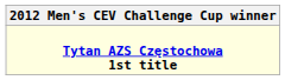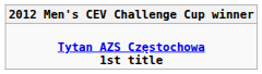 <table class=wikitable style="text-align:center; margin:auto">
 <tr>
 <th>2012 Men's CEV Challenge Cup winner</th>
 </tr>
 <tr>
-<td style="background: lightyellow;"><br><strong><a href='#'>Tytan AZS Częstochowa</a></strong><br> <strong>1st title</strong></td>
+<td><br><strong><a href='#'>Tytan AZS Częstochowa</a></strong><br> <strong>1st title</strong></td>
 </tr>
 </table>
